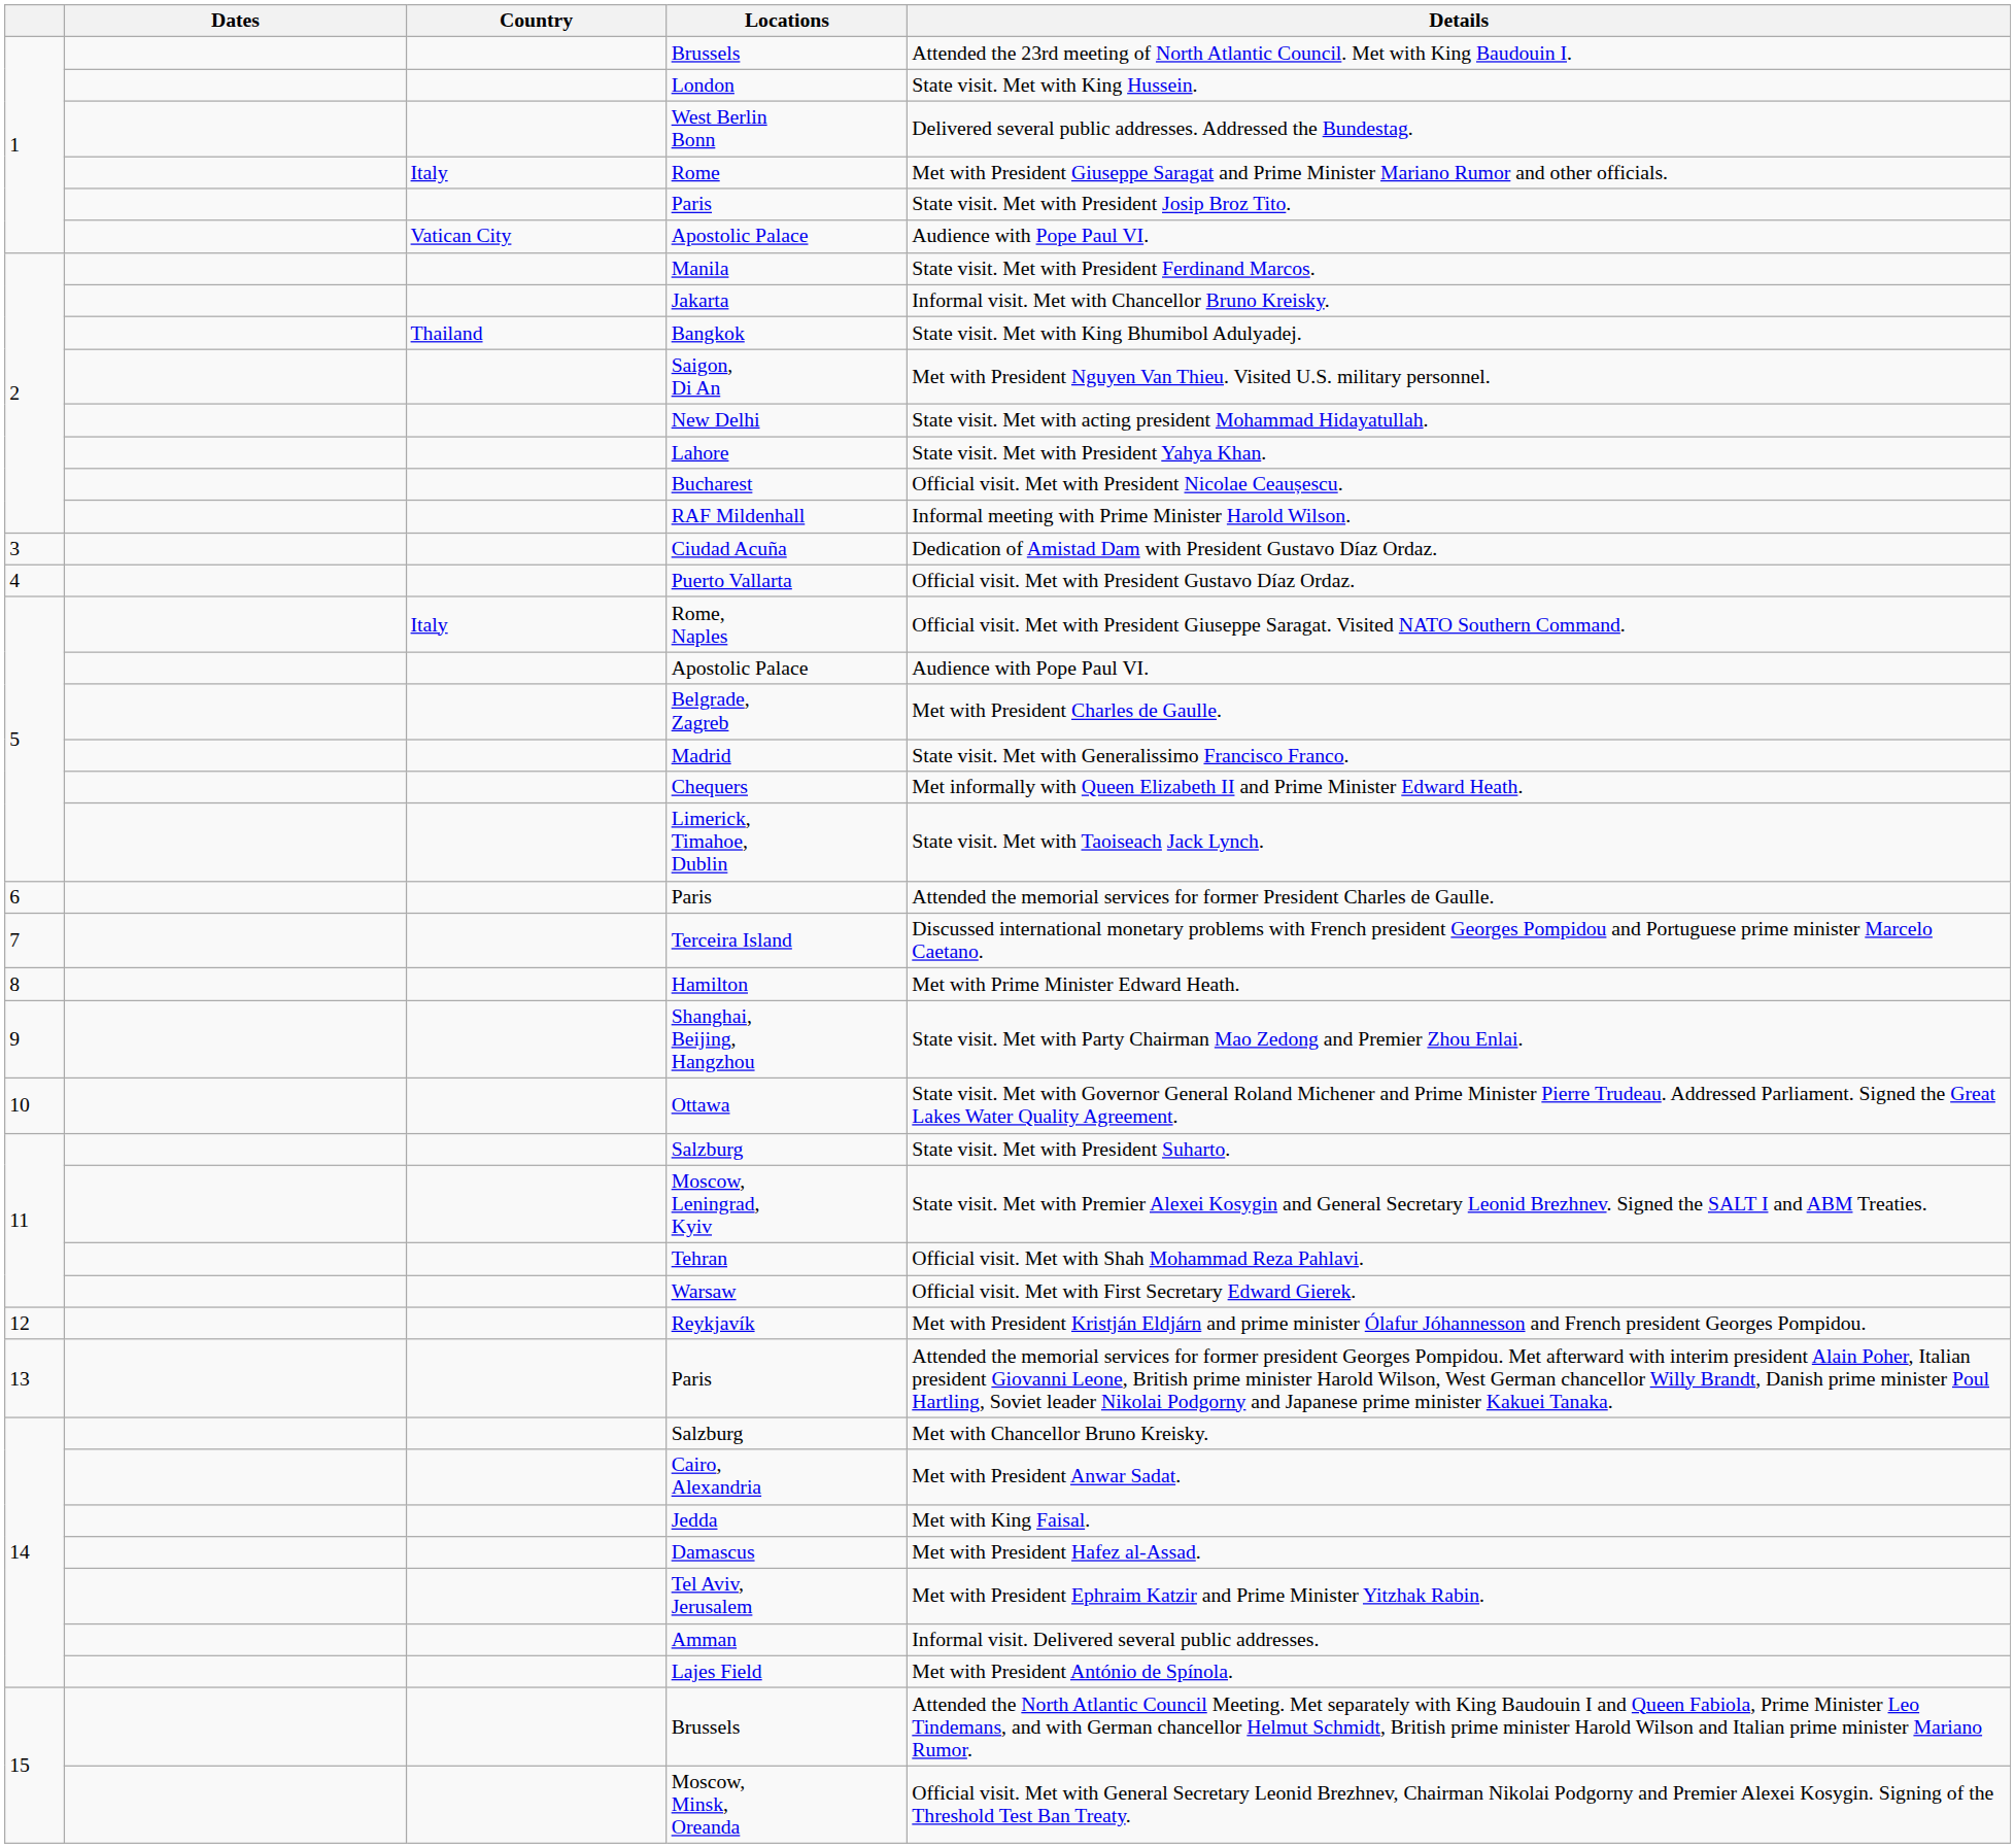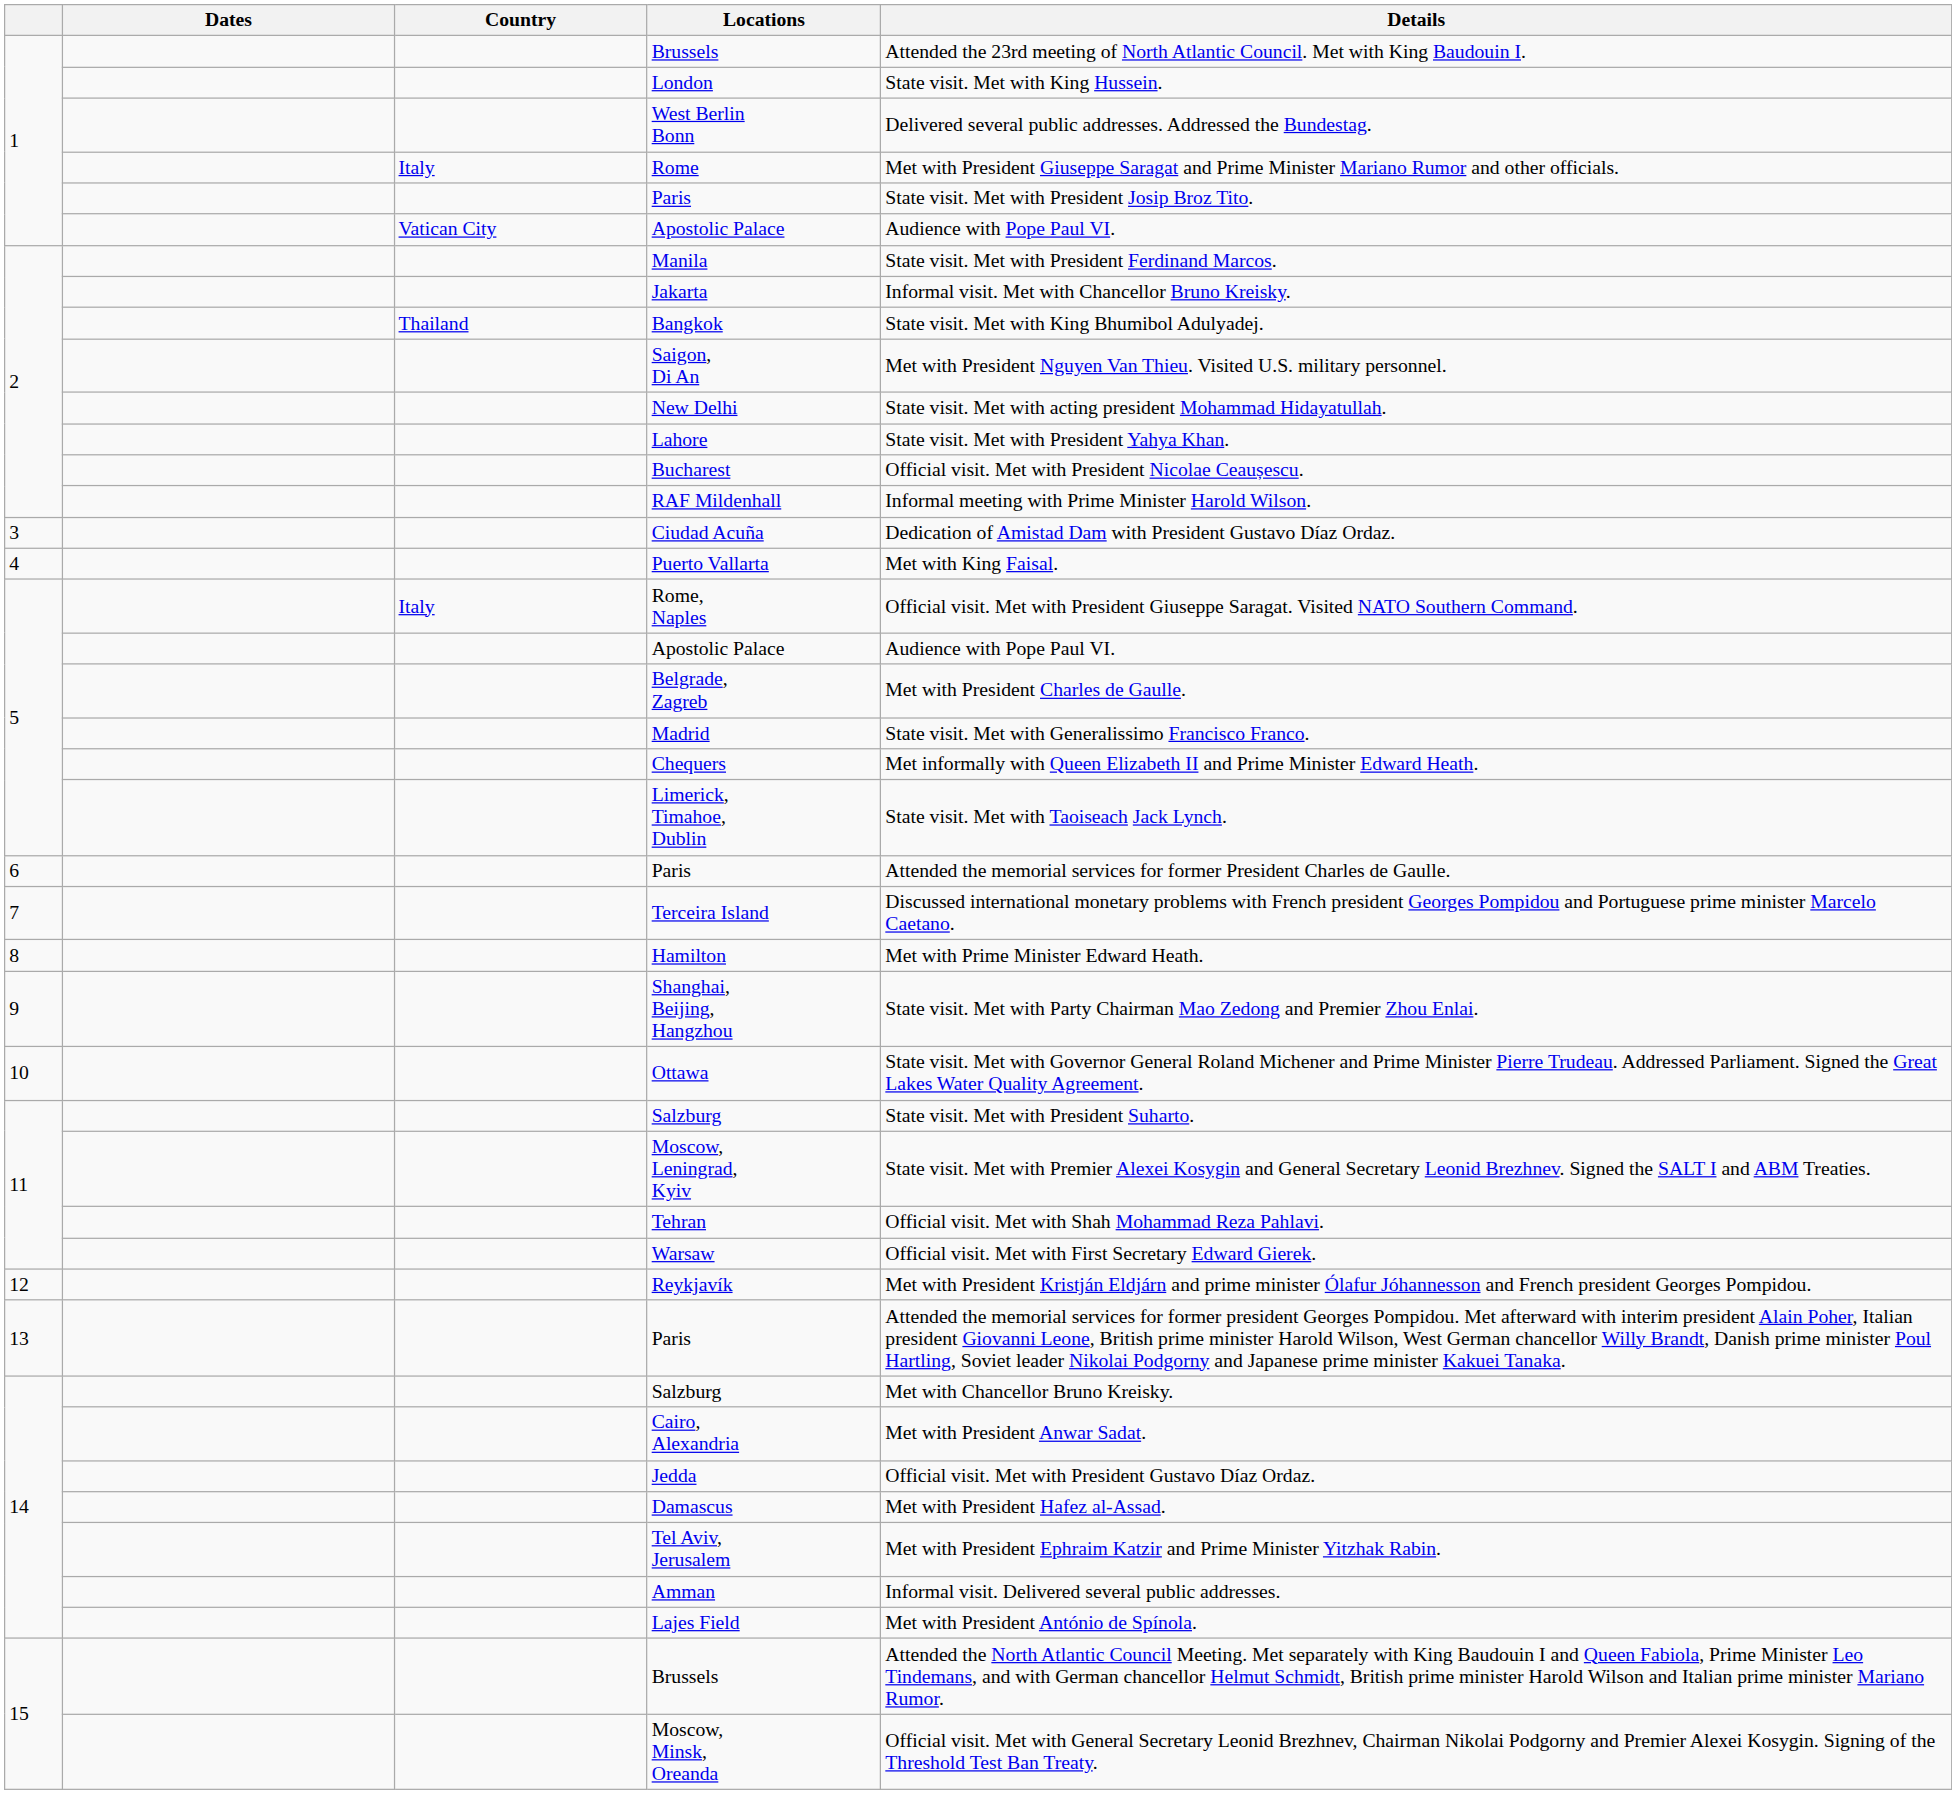 <table class="wikitable sortable" border="1" style="margin: 1em auto 1em auto">
 <tr>
 <th style="width: 3%;"></th>
 <th style="width: 17%;">Dates</th>
 <th style="width: 13%;">Country</th>
 <th style="width: 12%;">Locations</th>
 <th style="width: 55%;">Details</th>
 </tr>
 <tr>
 <td rowspan=6>1</td>
 <td></td>
 <td></td>
 <td><a href='#'>Brussels</a></td>
 <td>Attended the 23rd meeting of <a href='#'>North Atlantic Council</a>. Met with King <a href='#'>Baudouin I</a>.</td>
 </tr>
 <tr>
 <td></td>
 <td></td>
 <td><a href='#'>London</a></td>
 <td>State visit. Met with King <a href='#'>Hussein</a>.</td>
 </tr>
 <tr>
 <td></td>
 <td></td>
 <td><a href='#'>West Berlin</a><br><a href='#'>Bonn</a></td>
 <td>Delivered several public addresses. Addressed the <a href='#'>Bundestag</a>.</td>
 </tr>
 <tr>
 <td></td>
 <td> <a href='#'>Italy</a></td>
 <td><a href='#'>Rome</a></td>
 <td>Met with President <a href='#'>Giuseppe Saragat</a> and Prime Minister <a href='#'>Mariano Rumor</a> and other officials.</td>
 </tr>
 <tr>
 <td></td>
 <td></td>
 <td><a href='#'>Paris</a></td>
 <td>State visit. Met with President <a href='#'>Josip Broz Tito</a>.</td>
 </tr>
 <tr>
 <td></td>
 <td> <a href='#'>Vatican City</a></td>
 <td><a href='#'>Apostolic Palace</a></td>
 <td>Audience with <a href='#'>Pope Paul VI</a>.</td>
 </tr>
 <tr>
 <td rowspan=8>2</td>
 <td></td>
 <td></td>
 <td><a href='#'>Manila</a></td>
 <td>State visit. Met with President <a href='#'>Ferdinand Marcos</a>.</td>
 </tr>
 <tr>
 <td></td>
 <td></td>
 <td><a href='#'>Jakarta</a></td>
 <td>Informal visit. Met with Chancellor <a href='#'>Bruno Kreisky</a>.</td>
 </tr>
 <tr>
 <td></td>
 <td> <a href='#'>Thailand</a></td>
 <td><a href='#'>Bangkok</a></td>
 <td>State visit. Met with King Bhumibol Adulyadej.</td>
 </tr>
 <tr>
 <td></td>
 <td></td>
 <td><a href='#'>Saigon</a>,<br><a href='#'>Di An</a></td>
 <td>Met with President <a href='#'>Nguyen Van Thieu</a>. Visited U.S. military personnel.</td>
 </tr>
 <tr>
 <td></td>
 <td></td>
 <td><a href='#'>New Delhi</a></td>
 <td>State visit. Met with acting president <a href='#'>Mohammad Hidayatullah</a>.</td>
 </tr>
 <tr>
 <td></td>
 <td></td>
 <td><a href='#'>Lahore</a></td>
 <td>State visit. Met with President <a href='#'>Yahya Khan</a>.</td>
 </tr>
 <tr>
 <td></td>
 <td></td>
 <td><a href='#'>Bucharest</a></td>
 <td>Official visit. Met with President <a href='#'>Nicolae Ceaușescu</a>.</td>
 </tr>
 <tr>
 <td></td>
 <td></td>
 <td><a href='#'>RAF Mildenhall</a></td>
 <td>Informal meeting with Prime Minister <a href='#'>Harold Wilson</a>.</td>
 </tr>
 <tr>
 <td>3</td>
 <td></td>
 <td></td>
 <td><a href='#'>Ciudad Acuña</a></td>
 <td>Dedication of <a href='#'>Amistad Dam</a> with President Gustavo Díaz Ordaz.</td>
 </tr>
 <tr>
 <td>4</td>
 <td></td>
 <td></td>
 <td><a href='#'>Puerto Vallarta</a></td>
-<td>Official visit. Met with President Gustavo Díaz Ordaz.</td>
+<td>Met with King <a href='#'>Faisal</a>.</td>
 </tr>
 <tr>
 <td rowspan=6>5</td>
 <td></td>
 <td> <a href='#'>Italy</a></td>
 <td>Rome,<br><a href='#'>Naples</a></td>
 <td>Official visit. Met with President Giuseppe Saragat. Visited <a href='#'>NATO Southern Command</a>.</td>
 </tr>
 <tr>
 <td></td>
 <td></td>
 <td>Apostolic Palace</td>
 <td>Audience with Pope Paul VI.</td>
 </tr>
 <tr>
 <td></td>
 <td></td>
 <td><a href='#'>Belgrade</a>,<br><a href='#'>Zagreb</a></td>
 <td>Met with President <a href='#'>Charles de Gaulle</a>.</td>
 </tr>
 <tr>
 <td></td>
 <td></td>
 <td><a href='#'>Madrid</a></td>
 <td>State visit. Met with Generalissimo <a href='#'>Francisco Franco</a>.</td>
 </tr>
 <tr>
 <td></td>
 <td></td>
 <td><a href='#'>Chequers</a></td>
 <td>Met informally with <a href='#'>Queen Elizabeth II</a> and Prime Minister <a href='#'>Edward Heath</a>.</td>
 </tr>
 <tr>
 <td></td>
 <td></td>
 <td><a href='#'>Limerick</a>,<br><a href='#'>Timahoe</a>,<br><a href='#'>Dublin</a></td>
 <td>State visit. Met with <a href='#'>Taoiseach</a> <a href='#'>Jack Lynch</a>.</td>
 </tr>
 <tr>
 <td>6</td>
 <td></td>
 <td></td>
 <td>Paris</td>
 <td>Attended the memorial services for former President Charles de Gaulle.</td>
 </tr>
 <tr>
 <td>7</td>
 <td></td>
 <td></td>
 <td><a href='#'>Terceira Island</a></td>
 <td>Discussed international monetary problems with French president <a href='#'>Georges Pompidou</a> and Portuguese prime minister <a href='#'>Marcelo Caetano</a>.</td>
 </tr>
 <tr>
 <td>8</td>
 <td></td>
 <td></td>
 <td><a href='#'>Hamilton</a></td>
 <td>Met with Prime Minister Edward Heath.</td>
 </tr>
 <tr>
 <td>9</td>
 <td></td>
 <td></td>
 <td><a href='#'>Shanghai</a>,<br><a href='#'>Beijing</a>,<br><a href='#'>Hangzhou</a></td>
 <td>State visit. Met with Party Chairman <a href='#'>Mao Zedong</a> and Premier <a href='#'>Zhou Enlai</a>.</td>
 </tr>
 <tr>
 <td>10</td>
 <td></td>
 <td></td>
 <td><a href='#'>Ottawa</a></td>
 <td>State visit. Met with Governor General Roland Michener and Prime Minister <a href='#'>Pierre Trudeau</a>. Addressed Parliament. Signed the <a href='#'>Great Lakes Water Quality Agreement</a>.</td>
 </tr>
 <tr>
 <td rowspan=4>11</td>
 <td></td>
 <td></td>
 <td><a href='#'>Salzburg</a></td>
 <td>State visit. Met with President <a href='#'>Suharto</a>.</td>
 </tr>
 <tr>
 <td></td>
 <td></td>
 <td><a href='#'>Moscow</a>,<br><a href='#'>Leningrad</a>,<br><a href='#'>Kyiv</a></td>
 <td>State visit. Met with Premier <a href='#'>Alexei Kosygin</a> and General Secretary <a href='#'>Leonid Brezhnev</a>. Signed the <a href='#'>SALT I</a> and <a href='#'>ABM</a> Treaties.</td>
 </tr>
 <tr>
 <td></td>
 <td></td>
 <td><a href='#'>Tehran</a></td>
 <td>Official visit. Met with Shah <a href='#'>Mohammad Reza Pahlavi</a>.</td>
 </tr>
 <tr>
 <td></td>
 <td></td>
 <td><a href='#'>Warsaw</a></td>
 <td>Official visit. Met with First Secretary <a href='#'>Edward Gierek</a>.</td>
 </tr>
 <tr>
 <td>12</td>
 <td></td>
 <td></td>
 <td><a href='#'>Reykjavík</a></td>
 <td>Met with President <a href='#'>Kristján Eldjárn</a> and prime minister <a href='#'>Ólafur Jóhannesson</a> and French president Georges Pompidou.</td>
 </tr>
 <tr>
 <td>13</td>
 <td></td>
 <td></td>
 <td>Paris</td>
 <td>Attended the memorial services for former president Georges Pompidou. Met afterward with interim president <a href='#'>Alain Poher</a>, Italian president <a href='#'>Giovanni Leone</a>, British prime minister Harold Wilson, West German chancellor <a href='#'>Willy Brandt</a>, Danish prime minister <a href='#'>Poul Hartling</a>, Soviet leader <a href='#'>Nikolai Podgorny</a> and Japanese prime minister <a href='#'>Kakuei Tanaka</a>.</td>
 </tr>
 <tr>
 <td rowspan=7>14</td>
 <td></td>
 <td></td>
 <td>Salzburg</td>
 <td>Met with Chancellor Bruno Kreisky.</td>
 </tr>
 <tr>
 <td></td>
 <td></td>
 <td><a href='#'>Cairo</a>,<br><a href='#'>Alexandria</a></td>
 <td>Met with President <a href='#'>Anwar Sadat</a>.</td>
 </tr>
 <tr>
 <td></td>
 <td></td>
 <td><a href='#'>Jedda</a></td>
-<td>Met with King <a href='#'>Faisal</a>.</td>
+<td>Official visit. Met with President Gustavo Díaz Ordaz.</td>
 </tr>
 <tr>
 <td></td>
 <td></td>
 <td><a href='#'>Damascus</a></td>
 <td>Met with President <a href='#'>Hafez al-Assad</a>.</td>
 </tr>
 <tr>
 <td></td>
 <td></td>
 <td><a href='#'>Tel Aviv</a>,<br><a href='#'>Jerusalem</a></td>
 <td>Met with President <a href='#'>Ephraim Katzir</a> and Prime Minister <a href='#'>Yitzhak Rabin</a>.</td>
 </tr>
 <tr>
 <td></td>
 <td></td>
 <td><a href='#'>Amman</a></td>
 <td>Informal visit. Delivered several public addresses.</td>
 </tr>
 <tr>
 <td></td>
 <td></td>
 <td><a href='#'>Lajes Field</a></td>
 <td>Met with President <a href='#'>António de Spínola</a>.</td>
 </tr>
 <tr>
 <td rowspan=2>15</td>
 <td></td>
 <td></td>
 <td>Brussels</td>
 <td>Attended the <a href='#'>North Atlantic Council</a> Meeting. Met separately with King Baudouin I and <a href='#'>Queen Fabiola</a>, Prime Minister <a href='#'>Leo Tindemans</a>, and with German chancellor <a href='#'>Helmut Schmidt</a>, British prime minister Harold Wilson and Italian prime minister <a href='#'>Mariano Rumor</a>.</td>
 </tr>
 <tr>
 <td></td>
 <td></td>
 <td>Moscow,<br><a href='#'>Minsk</a>,<br><a href='#'>Oreanda</a></td>
 <td>Official visit. Met with General Secretary Leonid Brezhnev, Chairman Nikolai Podgorny and Premier Alexei Kosygin. Signing of the <a href='#'>Threshold Test Ban Treaty</a>.</td>
 </tr>
 </table>
